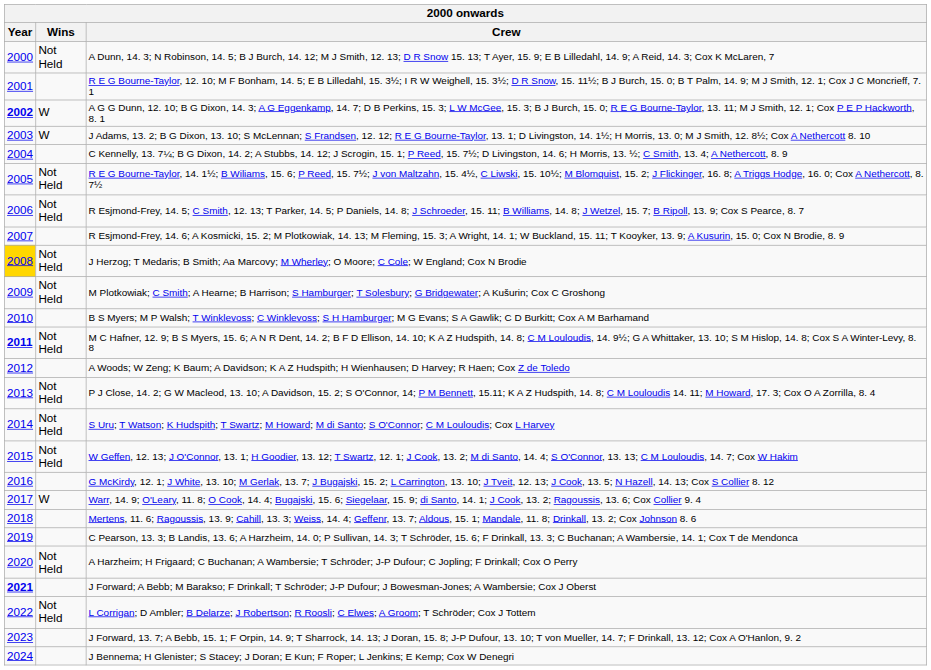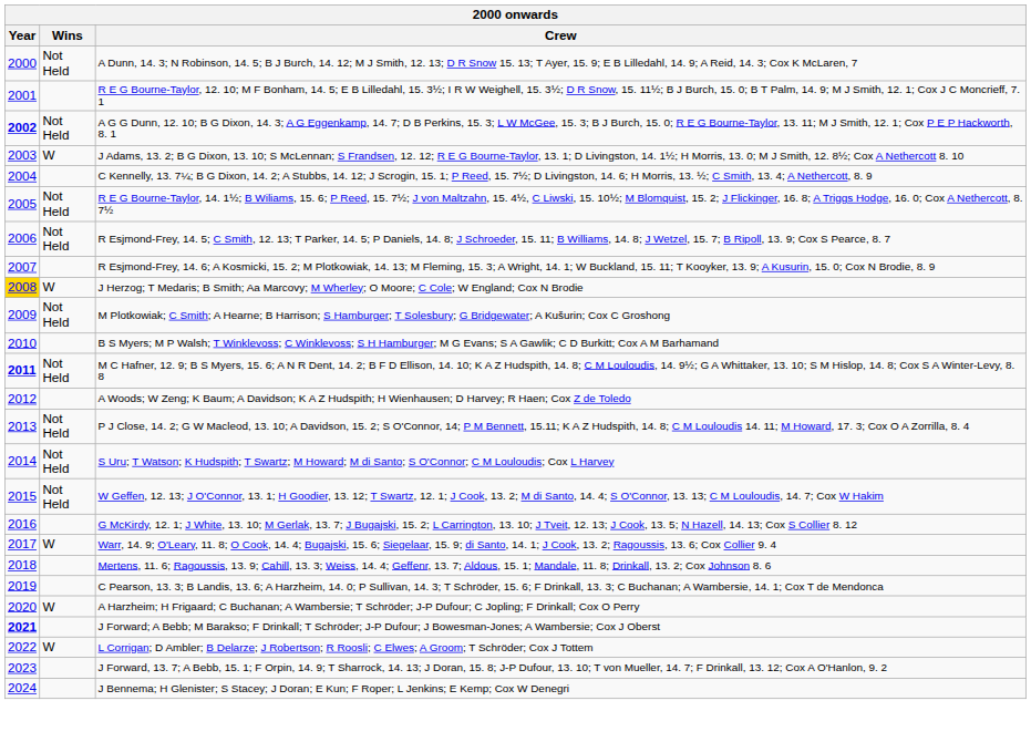 <table class="wikitable" width="100%">
 <tr>
 <th colspan=3>2000 onwards</th>
 </tr>
 <tr>
 <th>Year</th>
 <th>Wins</th>
 <th>Crew</th>
 </tr>
 <tr>
 <td><a href='#'>2000</a></td>
 <td>Not Held </td>
 <td style="font-size:85%">A Dunn, 14. 3; N Robinson, 14. 5; B J Burch, 14. 12; M J Smith, 12. 13; <a href='#'>D R Snow</a> 15. 13; T Ayer, 15. 9; E B Lilledahl, 14. 9; A Reid, 14. 3; Cox K McLaren, 7</td>
 </tr>
 <tr>
 <td><a href='#'>2001</a></td>
 <td></td>
 <td style="font-size:85%"><a href='#'>R E G Bourne-Taylor</a>, 12. 10; M F Bonham, 14. 5; E B Lilledahl, 15. 3½; I R W Weighell, 15. 3½; <a href='#'>D R Snow</a>, 15. 11½; B J Burch, 15. 0; B T Palm, 14. 9; M J Smith, 12. 1; Cox J C Moncrieff, 7. 1</td>
 </tr>
 <tr>
 <td><strong><a href='#'>2002</a></strong></td>
-<td>W</td>
+<td>Not Held </td>
 <td style="font-size:85%">A G G Dunn, 12. 10; B G Dixon, 14. 3; <a href='#'>A G Eggenkamp</a>, 14. 7; D B Perkins, 15. 3; <a href='#'>L W McGee</a>, 15. 3; B J Burch, 15. 0; <a href='#'>R E G Bourne-Taylor</a>, 13. 11; M J Smith, 12. 1; Cox <a href='#'>P E P Hackworth</a>, 8. 1</td>
 </tr>
 <tr>
 <td><a href='#'>2003</a></td>
 <td>W</td>
 <td style="font-size:85%">J Adams, 13. 2; B G Dixon, 13. 10; S McLennan; <a href='#'>S Frandsen</a>, 12. 12; <a href='#'>R E G Bourne-Taylor</a>, 13. 1; D Livingston, 14. 1½; H Morris, 13. 0; M J Smith, 12. 8½; Cox <a href='#'>A Nethercott</a> 8. 10</td>
 </tr>
 <tr>
 <td><a href='#'>2004</a></td>
 <td></td>
 <td style="font-size:85%">C Kennelly, 13. 7¼; B G Dixon, 14. 2; A Stubbs, 14. 12; J Scrogin, 15. 1; <a href='#'>P Reed</a>, 15. 7½; D Livingston, 14. 6; H Morris, 13. ½; <a href='#'>C Smith</a>, 13. 4; <a href='#'>A Nethercott</a>, 8. 9</td>
 </tr>
 <tr>
 <td><a href='#'>2005</a></td>
 <td>Not Held </td>
 <td style="font-size:85%"><a href='#'>R E G Bourne-Taylor</a>, 14. 1½; <a href='#'>B Wiliams</a>, 15. 6; <a href='#'>P Reed</a>, 15. 7½; <a href='#'>J von Maltzahn</a>, 15. 4½, <a href='#'>C Liwski</a>, 15. 10½; <a href='#'>M Blomquist</a>, 15. 2; <a href='#'>J Flickinger</a>, 16. 8; <a href='#'>A Triggs Hodge</a>, 16. 0; Cox <a href='#'>A Nethercott</a>, 8. 7½</td>
 </tr>
 <tr>
 <td><a href='#'>2006</a></td>
 <td>Not Held </td>
 <td style="font-size:85%">R Esjmond-Frey, 14. 5; <a href='#'>C Smith</a>, 12. 13; T Parker, 14. 5; P Daniels, 14. 8; <a href='#'>J Schroeder</a>, 15. 11; <a href='#'>B Williams</a>, 14. 8; <a href='#'>J Wetzel</a>, 15. 7; <a href='#'>B Ripoll</a>, 13. 9; Cox S Pearce, 8. 7</td>
 </tr>
 <tr>
 <td><a href='#'>2007</a></td>
 <td></td>
 <td style="font-size:85%">R Esjmond-Frey, 14. 6; A Kosmicki, 15. 2; M Plotkowiak, 14. 13; M Fleming, 15. 3; A Wright, 14. 1; W Buckland, 15. 11; T Kooyker, 13. 9; <a href='#'>A Kusurin</a>, 15. 0; Cox N Brodie, 8. 9</td>
 </tr>
 <tr>
 <td style="background: gold;"><a href='#'>2008</a></td>
-<td>Not Held </td>
+<td>W</td>
 <td style="font-size:85%">J Herzog; T Medaris; B Smith; Aa Marcovy; <a href='#'>M Wherley</a>; O Moore; <a href='#'>C Cole</a>; W England; Cox N Brodie</td>
 </tr>
 <tr>
 <td><a href='#'>2009</a></td>
 <td>Not Held </td>
 <td style="font-size:85%">M Plotkowiak; <a href='#'>C Smith</a>; A Hearne; B Harrison; <a href='#'>S Hamburger</a>; <a href='#'>T Solesbury</a>; <a href='#'>G Bridgewater</a>; A Kušurin; Cox C Groshong</td>
 </tr>
 <tr>
 <td><a href='#'>2010</a></td>
 <td></td>
 <td style="font-size:85%">B S Myers; M P Walsh; <a href='#'>T Winklevoss</a>; <a href='#'>C Winklevoss</a>; <a href='#'>S H Hamburger</a>; M G Evans; S A Gawlik; C D Burkitt; Cox A M Barhamand</td>
 </tr>
 <tr>
 <td><strong><a href='#'>2011</a></strong></td>
 <td>Not Held </td>
 <td style="font-size:85%">M C Hafner, 12. 9; B S Myers, 15. 6; A N R Dent, 14. 2; B F D Ellison, 14. 10; K A Z Hudspith, 14. 8; <a href='#'>C M Louloudis</a>, 14. 9½; G A Whittaker, 13. 10; S M Hislop, 14. 8; Cox S A Winter-Levy, 8. 8</td>
 </tr>
 <tr>
 <td><a href='#'>2012</a></td>
 <td></td>
 <td style="font-size:85%">A Woods; W Zeng; K Baum; A Davidson; K A Z Hudspith; H Wienhausen; D Harvey; R Haen; Cox <a href='#'>Z de Toledo</a></td>
 </tr>
 <tr>
 <td><a href='#'>2013</a></td>
 <td>Not Held </td>
 <td style="font-size:85%">P J Close, 14. 2; G W Macleod, 13. 10; A Davidson, 15. 2; S O'Connor, 14; <a href='#'>P M Bennett</a>, 15.11; K A Z Hudspith, 14. 8; <a href='#'>C M Louloudis</a> 14. 11; <a href='#'>M Howard</a>, 17. 3; Cox O A Zorrilla, 8. 4</td>
 </tr>
 <tr>
 <td><a href='#'>2014</a></td>
 <td>Not Held </td>
 <td style="font-size:85%"><a href='#'>S Uru</a>; <a href='#'>T Watson</a>; <a href='#'>K Hudspith</a>; <a href='#'>T Swartz</a>; <a href='#'>M Howard</a>; <a href='#'>M di Santo</a>; <a href='#'>S O'Connor</a>; <a href='#'>C M Louloudis</a>; Cox <a href='#'>L Harvey</a></td>
 </tr>
 <tr>
 <td><a href='#'>2015</a></td>
 <td>Not Held </td>
 <td style="font-size:85%"><a href='#'>W Geffen</a>, 12. 13; <a href='#'>J O'Connor</a>, 13. 1; <a href='#'>H Goodier</a>, 13. 12; <a href='#'>T Swartz</a>, 12. 1; <a href='#'>J Cook</a>, 13. 2; <a href='#'>M di Santo</a>, 14. 4; <a href='#'>S O'Connor</a>, 13. 13; <a href='#'>C M Louloudis</a>, 14. 7; Cox <a href='#'>W Hakim</a></td>
 </tr>
 <tr>
 <td><a href='#'>2016</a></td>
 <td></td>
 <td style="font-size:85%"><a href='#'>G McKirdy</a>, 12. 1; <a href='#'>J White</a>, 13. 10; <a href='#'>M Gerlak</a>, 13. 7; <a href='#'>J Bugajski</a>, 15. 2; <a href='#'>L Carrington</a>, 13. 10; <a href='#'>J Tveit</a>, 12. 13; <a href='#'>J Cook</a>, 13. 5; <a href='#'>N Hazell</a>, 14. 13; Cox <a href='#'>S Collier</a> 8. 12</td>
 </tr>
 <tr>
 <td><a href='#'>2017</a></td>
 <td>W</td>
 <td style="font-size:85%"><a href='#'>Warr</a>, 14. 9; <a href='#'>O'Leary</a>, 11. 8; <a href='#'>O Cook</a>, 14. 4; <a href='#'>Bugajski</a>, 15. 6; <a href='#'>Siegelaar</a>, 15. 9; <a href='#'>di Santo</a>, 14. 1; <a href='#'>J Cook</a>, 13. 2; <a href='#'>Ragoussis</a>, 13. 6; Cox <a href='#'>Collier</a> 9. 4</td>
 </tr>
 <tr>
 <td><a href='#'>2018</a></td>
 <td></td>
 <td style="font-size:85%"><a href='#'>Mertens</a>, 11. 6; <a href='#'>Ragoussis</a>, 13. 9; <a href='#'>Cahill</a>, 13. 3; <a href='#'>Weiss</a>, 14. 4; <a href='#'>Geffenr</a>, 13. 7; <a href='#'>Aldous</a>, 15. 1; <a href='#'>Mandale</a>, 11. 8; <a href='#'>Drinkall</a>, 13. 2; Cox <a href='#'>Johnson</a> 8. 6</td>
 </tr>
 <tr>
 <td><a href='#'>2019</a></td>
 <td></td>
 <td style="font-size:85%">C Pearson, 13. 3; B Landis, 13. 6; A Harzheim, 14. 0; P Sullivan, 14. 3; T Schröder, 15. 6; F Drinkall, 13. 3; C Buchanan; A Wambersie, 14. 1; Cox T de Mendonca</td>
 </tr>
 <tr>
 <td><a href='#'>2020</a></td>
-<td>Not Held </td>
+<td>W</td>
 <td style="font-size:85%">A Harzheim; H Frigaard; C Buchanan; A Wambersie; T Schröder; J-P Dufour; C Jopling; F Drinkall; Cox O Perry</td>
 </tr>
 <tr>
 <td><strong><a href='#'>2021</a></strong></td>
 <td></td>
 <td style="font-size:85%">J Forward; A Bebb; M Barakso; F Drinkall; T Schröder; J-P Dufour; J Bowesman-Jones; A Wambersie; Cox J Oberst</td>
 </tr>
 <tr>
 <td><a href='#'>2022</a></td>
-<td>Not Held </td>
+<td>W</td>
 <td style="font-size:85%"><a href='#'>L Corrigan</a>; D Ambler; <a href='#'>B Delarze</a>; <a href='#'>J Robertson</a>; <a href='#'>R Roosli</a>; <a href='#'>C Elwes</a>; <a href='#'>A Groom</a>; T Schröder; Cox J Tottem</td>
 </tr>
 <tr>
 <td><a href='#'>2023</a></td>
 <td></td>
 <td style="font-size:85%">J Forward, 13. 7; A Bebb, 15. 1; F Orpin, 14. 9; T Sharrock, 14. 13; J Doran, 15. 8; J-P Dufour, 13. 10; T von Mueller, 14. 7; F Drinkall, 13. 12; Cox A O'Hanlon, 9. 2</td>
 </tr>
 <tr>
 <td><a href='#'>2024</a></td>
 <td></td>
 <td style="font-size:85%">J Bennema; H Glenister; S Stacey; J Doran; E Kun; F Roper; L Jenkins; E Kemp; Cox W Denegri</td>
 </tr>
 </table>
